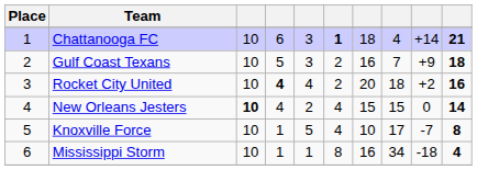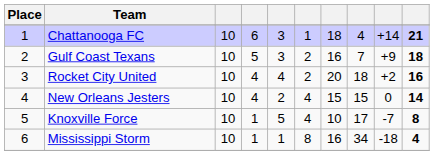 <table class="wikitable" style="text-align: center;">
 <tr>
 <th>Place</th>
 <th width="200">Team</th>
 <th width="25"></th>
 <th width="25"></th>
 <th width="25"></th>
 <th width="25"></th>
 <th width="25"></th>
 <th width="25"></th>
 <th width="25"></th>
 <th width="25"></th>
 </tr>
 <tr>
 </tr>
 <tr bgcolor=#ccccff>
 <td>1</td>
 <td align=left><a href='#'>Chattanooga FC</a></td>
 <td>10</td>
 <td>6</td>
 <td>3</td>
-<td><strong>1</strong></td>
+<td>1</td>
 <td>18</td>
 <td>4</td>
 <td>+14</td>
 <td><strong>21</strong></td>
 </tr>
 <tr>
 <td>2</td>
 <td align=left><a href='#'>Gulf Coast Texans</a></td>
 <td>10</td>
 <td>5</td>
 <td>3</td>
 <td>2</td>
 <td>16</td>
 <td>7</td>
 <td>+9</td>
 <td><strong>18</strong></td>
 </tr>
 <tr>
 <td>3</td>
 <td align=left><a href='#'>Rocket City United</a></td>
 <td>10</td>
-<td><strong>4</strong></td>
+<td>4</td>
 <td>4</td>
 <td>2</td>
 <td>20</td>
 <td>18</td>
 <td>+2</td>
 <td><strong>16</strong></td>
 </tr>
 <tr>
 <td>4</td>
 <td align=left><a href='#'>New Orleans Jesters</a></td>
-<td><strong>10</strong></td>
+<td>10</td>
 <td>4</td>
 <td>2</td>
 <td>4</td>
 <td>15</td>
 <td>15</td>
 <td>0</td>
 <td><strong>14</strong></td>
 </tr>
 <tr>
 <td>5</td>
 <td align=left><a href='#'>Knoxville Force</a></td>
 <td>10</td>
 <td>1</td>
 <td>5</td>
 <td>4</td>
 <td>10</td>
 <td>17</td>
 <td>-7</td>
 <td><strong>8</strong></td>
 </tr>
 <tr>
 <td>6</td>
 <td align=left><a href='#'>Mississippi Storm</a></td>
 <td>10</td>
 <td>1</td>
 <td>1</td>
 <td>8</td>
 <td>16</td>
 <td>34</td>
 <td>-18</td>
 <td><strong>4</strong></td>
 </tr>
 <tr>
 </tr>
 </table>
